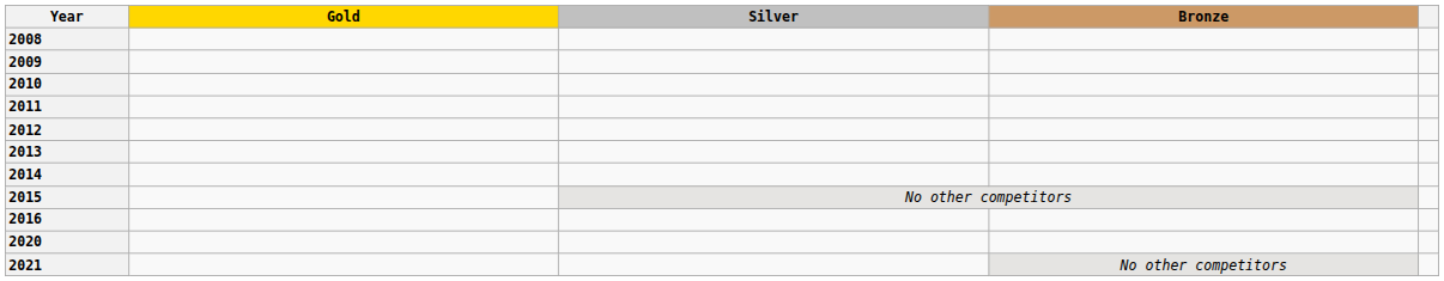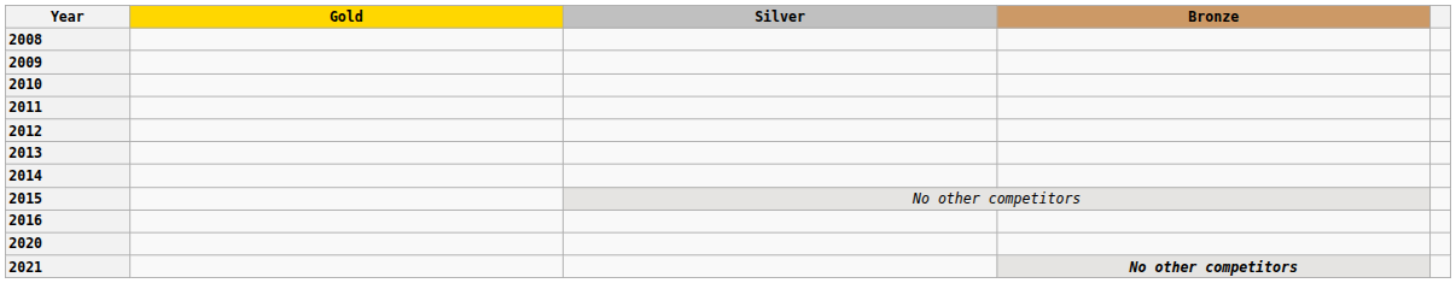 <table class="wikitable unsortable" style="text-align:left; width:85%">
 <tr>
 <th scope="col" style="text-align:center">Year</th>
 <td scope="col" style="text-align:center; width:30%; background:gold"><strong>Gold</strong></td>
 <td scope="col" style="text-align:center; width:30%; background:silver"><strong>Silver</strong></td>
 <td scope="col" style="text-align:center; width:30%; background:#c96"><strong>Bronze</strong></td>
 <th scope="col" style="text-align:center"></th>
 </tr>
 <tr>
 <th scope="row" style="text-align:left">2008</th>
 <td></td>
 <td></td>
 <td></td>
 <td></td>
 </tr>
 <tr>
 <th scope="row" style="text-align:left">2009</th>
 <td></td>
 <td></td>
 <td></td>
 <td></td>
 </tr>
 <tr>
 <th scope="row" style="text-align:left">2010</th>
 <td></td>
 <td></td>
 <td></td>
 <td></td>
 </tr>
 <tr>
 <th scope="row" style="text-align:left">2011</th>
 <td></td>
 <td></td>
 <td></td>
 <td></td>
 </tr>
 <tr>
 <th scope="row" style="text-align:left">2012</th>
 <td></td>
 <td></td>
 <td></td>
 <td></td>
 </tr>
 <tr>
 <th scope="row" style="text-align:left">2013</th>
 <td></td>
 <td></td>
 <td></td>
 <td></td>
 </tr>
 <tr>
 <th scope="row" style="text-align:left">2014</th>
 <td></td>
 <td></td>
 <td></td>
 <td></td>
 </tr>
 <tr>
 <th scope="row" style="text-align:left">2015</th>
 <td></td>
 <td colspan=2 align="center" bgcolor="e5e4e2"><em>No other competitors</em></td>
 <td></td>
 </tr>
 <tr>
 <th scope="row" style="text-align:left">2016</th>
 <td></td>
 <td></td>
 <td></td>
 <td></td>
 </tr>
 <tr>
 <th scope="row" style="text-align:left">2020</th>
 <td></td>
 <td></td>
 <td></td>
 <td></td>
 </tr>
 <tr>
 <th scope="row" style="text-align:left">2021</th>
 <td></td>
 <td></td>
-<td align="center" bgcolor="e5e4e2"><em>No other competitors</em></td>
+<td align="center" bgcolor="e5e4e2"><strong><em>No other competitors</em></strong></td>
 <td></td>
 </tr>
 </table>
